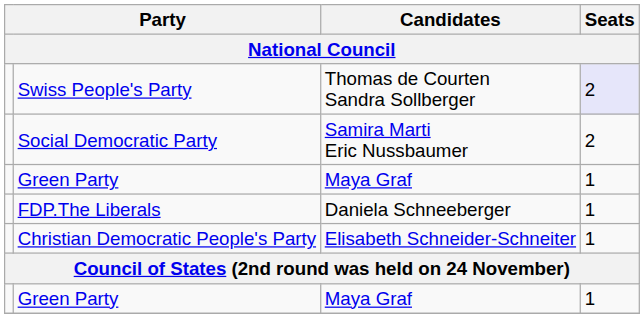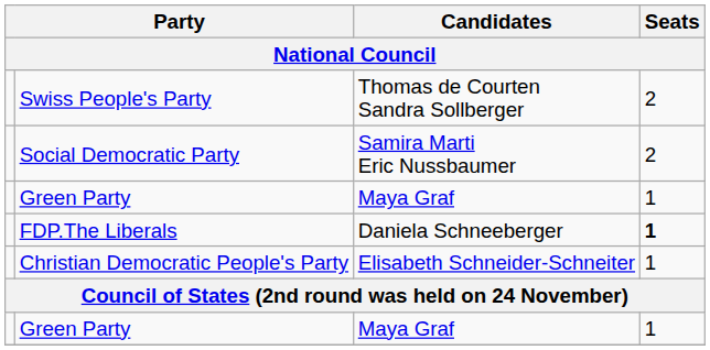 <table class="wikitable" style="font-size:95%;">
 <tr>
 <th colspan=2>Party</th>
 <th>Candidates</th>
 <th>Seats</th>
 </tr>
 <tr>
 <th colspan=4><a href='#'>National Council</a></th>
 </tr>
 <tr>
 <td bgcolor=></td>
 <td align=left><a href='#'>Swiss People's Party</a></td>
 <td>Thomas de Courten<br>Sandra Sollberger</td>
-<td style="background: lavender;">2</td>
+<td>2</td>
 </tr>
 <tr>
 <td bgcolor=></td>
 <td align=left><a href='#'>Social Democratic Party</a></td>
 <td><a href='#'>Samira Marti</a><br>Eric Nussbaumer</td>
 <td>2</td>
 </tr>
 <tr>
 <td bgcolor=></td>
 <td align=left><a href='#'>Green Party</a></td>
 <td><a href='#'>Maya Graf</a></td>
 <td>1</td>
 </tr>
 <tr>
 <td bgcolor=></td>
 <td align=left><a href='#'>FDP.The Liberals</a></td>
 <td>Daniela Schneeberger</td>
-<td>1</td>
+<td><strong>1</strong></td>
 </tr>
 <tr>
 <td bgcolor=></td>
 <td align=left><a href='#'>Christian Democratic People's Party</a></td>
 <td><a href='#'>Elisabeth Schneider-Schneiter</a></td>
 <td>1</td>
 </tr>
 <tr>
 <th colspan=6><a href='#'>Council of States</a> (2nd round was held on 24 November)</th>
 </tr>
 <tr>
 <td bgcolor=></td>
 <td align=left><a href='#'>Green Party</a></td>
 <td><a href='#'>Maya Graf</a></td>
 <td>1</td>
 </tr>
 <tr>
 </tr>
 </table>
